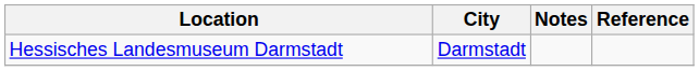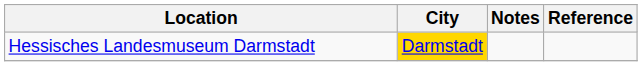 <table class="wikitable">
 <tr>
 <th Width="350">Location</th>
 <th>City</th>
 <th>Notes</th>
 <th>Reference</th>
 </tr>
 <tr>
 <td><a href='#'>Hessisches Landesmuseum Darmstadt</a></td>
-<td><a href='#'>Darmstadt</a></td>
+<td style="background: gold;"><a href='#'>Darmstadt</a></td>
 <td></td>
 <td></td>
 </tr>
 <tr>
 </tr>
 </table>
